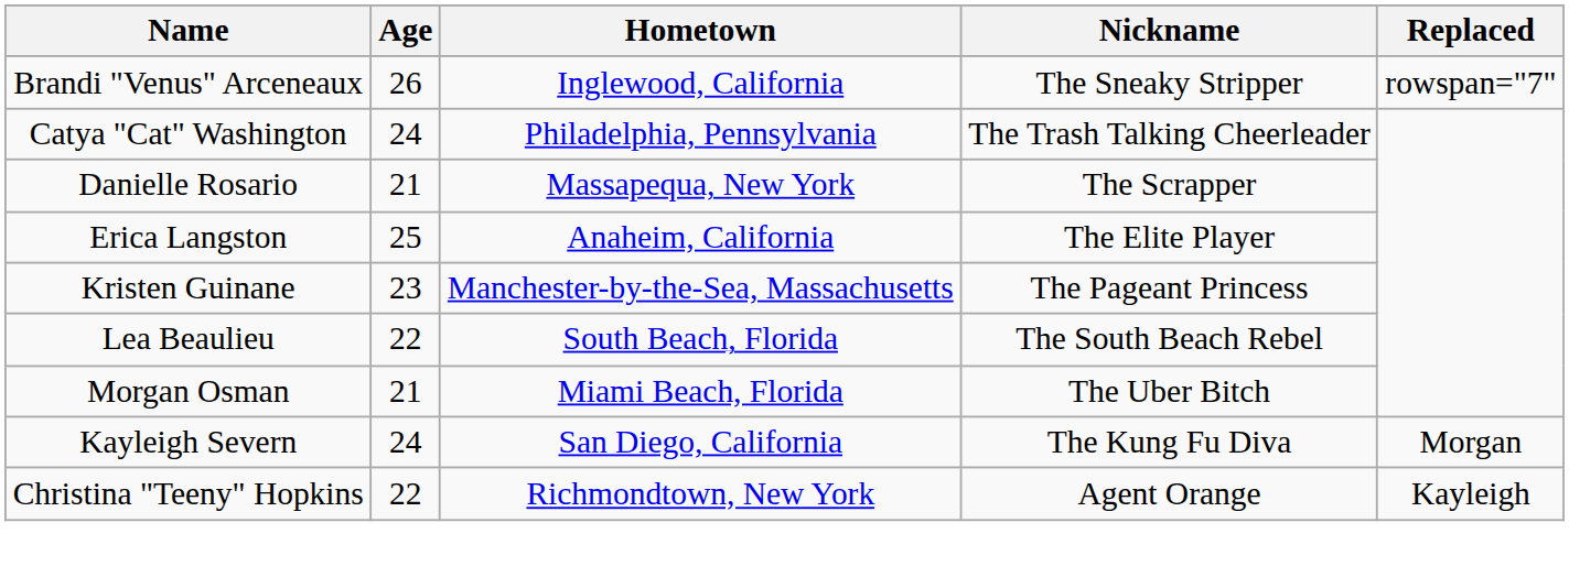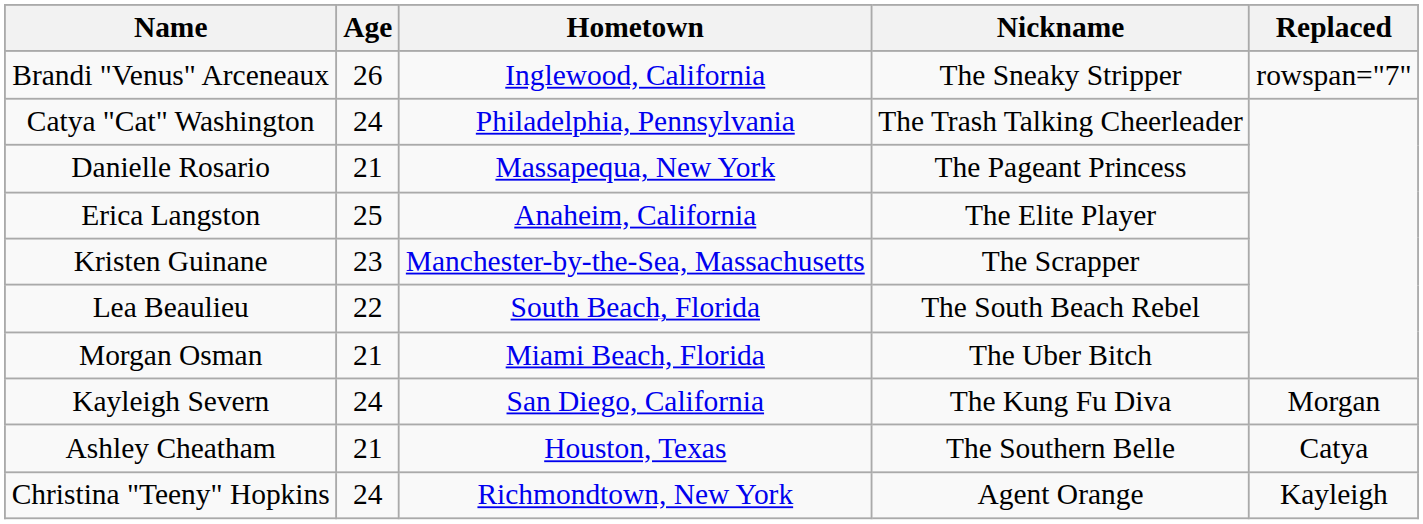 <table class="wikitable sortable plainrowheaders" style="text-align:center;">
 <tr>
 <th scope="col">Name</th>
 <th scope="col">Age</th>
 <th scope="col">Hometown</th>
 <th scope="col">Nickname</th>
 <th scope="col">Replaced</th>
 </tr>
 <tr>
 <td scope="row">Brandi "Venus" Arceneaux</td>
 <td>26</td>
 <td><a href='#'>Inglewood, California</a></td>
 <td>The Sneaky Stripper</td>
 <td>rowspan="7" </td>
 </tr>
 <tr>
 <td scope="row">Catya "Cat" Washington</td>
 <td>24</td>
 <td><a href='#'>Philadelphia, Pennsylvania</a></td>
 <td>The Trash Talking Cheerleader</td>
 </tr>
 <tr>
 <td scope="row">Danielle Rosario</td>
 <td>21</td>
 <td><a href='#'>Massapequa, New York</a></td>
-<td>The Scrapper</td>
+<td>The Pageant Princess</td>
 </tr>
 <tr>
 <td scope="row">Erica Langston</td>
 <td>25</td>
 <td><a href='#'>Anaheim, California</a></td>
 <td>The Elite Player</td>
 </tr>
 <tr>
 <td scope="row">Kristen Guinane</td>
 <td>23</td>
 <td><a href='#'>Manchester-by-the-Sea, Massachusetts</a></td>
-<td>The Pageant Princess</td>
+<td>The Scrapper</td>
 </tr>
 <tr>
 <td scope="row">Lea Beaulieu</td>
 <td>22</td>
 <td><a href='#'>South Beach, Florida</a></td>
 <td>The South Beach Rebel</td>
 </tr>
 <tr>
 <td scope="row">Morgan Osman</td>
 <td>21</td>
 <td><a href='#'>Miami Beach, Florida</a></td>
 <td>The Uber Bitch</td>
 </tr>
 <tr>
 <td scope="row">Kayleigh Severn</td>
 <td>24</td>
 <td><a href='#'>San Diego, California</a></td>
 <td>The Kung Fu Diva</td>
 <td>Morgan</td>
 </tr>
 <tr>
+<td scope="row">Ashley Cheatham</td>
+<td>21</td>
+<td><a href='#'>Houston, Texas</a></td>
+<td>The Southern Belle</td>
+<td>Catya</td>
+</tr>
+<tr>
 <td scope="row">Christina "Teeny" Hopkins</td>
-<td>22</td>
+<td>24</td>
 <td><a href='#'>Richmondtown, New York</a></td>
 <td>Agent Orange</td>
 <td>Kayleigh</td>
 </tr>
 </table>
